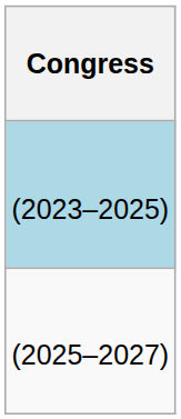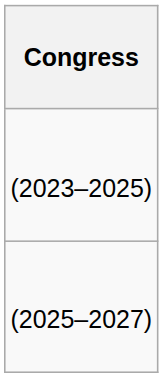 <table class="wikitable" style="float:left; margin:0; margin-right:-0.5px; margin-top:14px; text-align:center;">
 <tr style="white-space:nowrap; height:4.14em;">
 <th>Congress</th>
 </tr>
 <tr style="white-space:nowrap; height:5.27em;">
-<td style="background: lightblue;"><strong></strong><br>(2023–2025)</td>
+<td><strong></strong><br>(2023–2025)</td>
 </tr>
 <tr style="white-space:nowrap; height:5.27em;">
 <td><strong></strong><br>(2025–2027)</td>
 </tr>
 </table>
